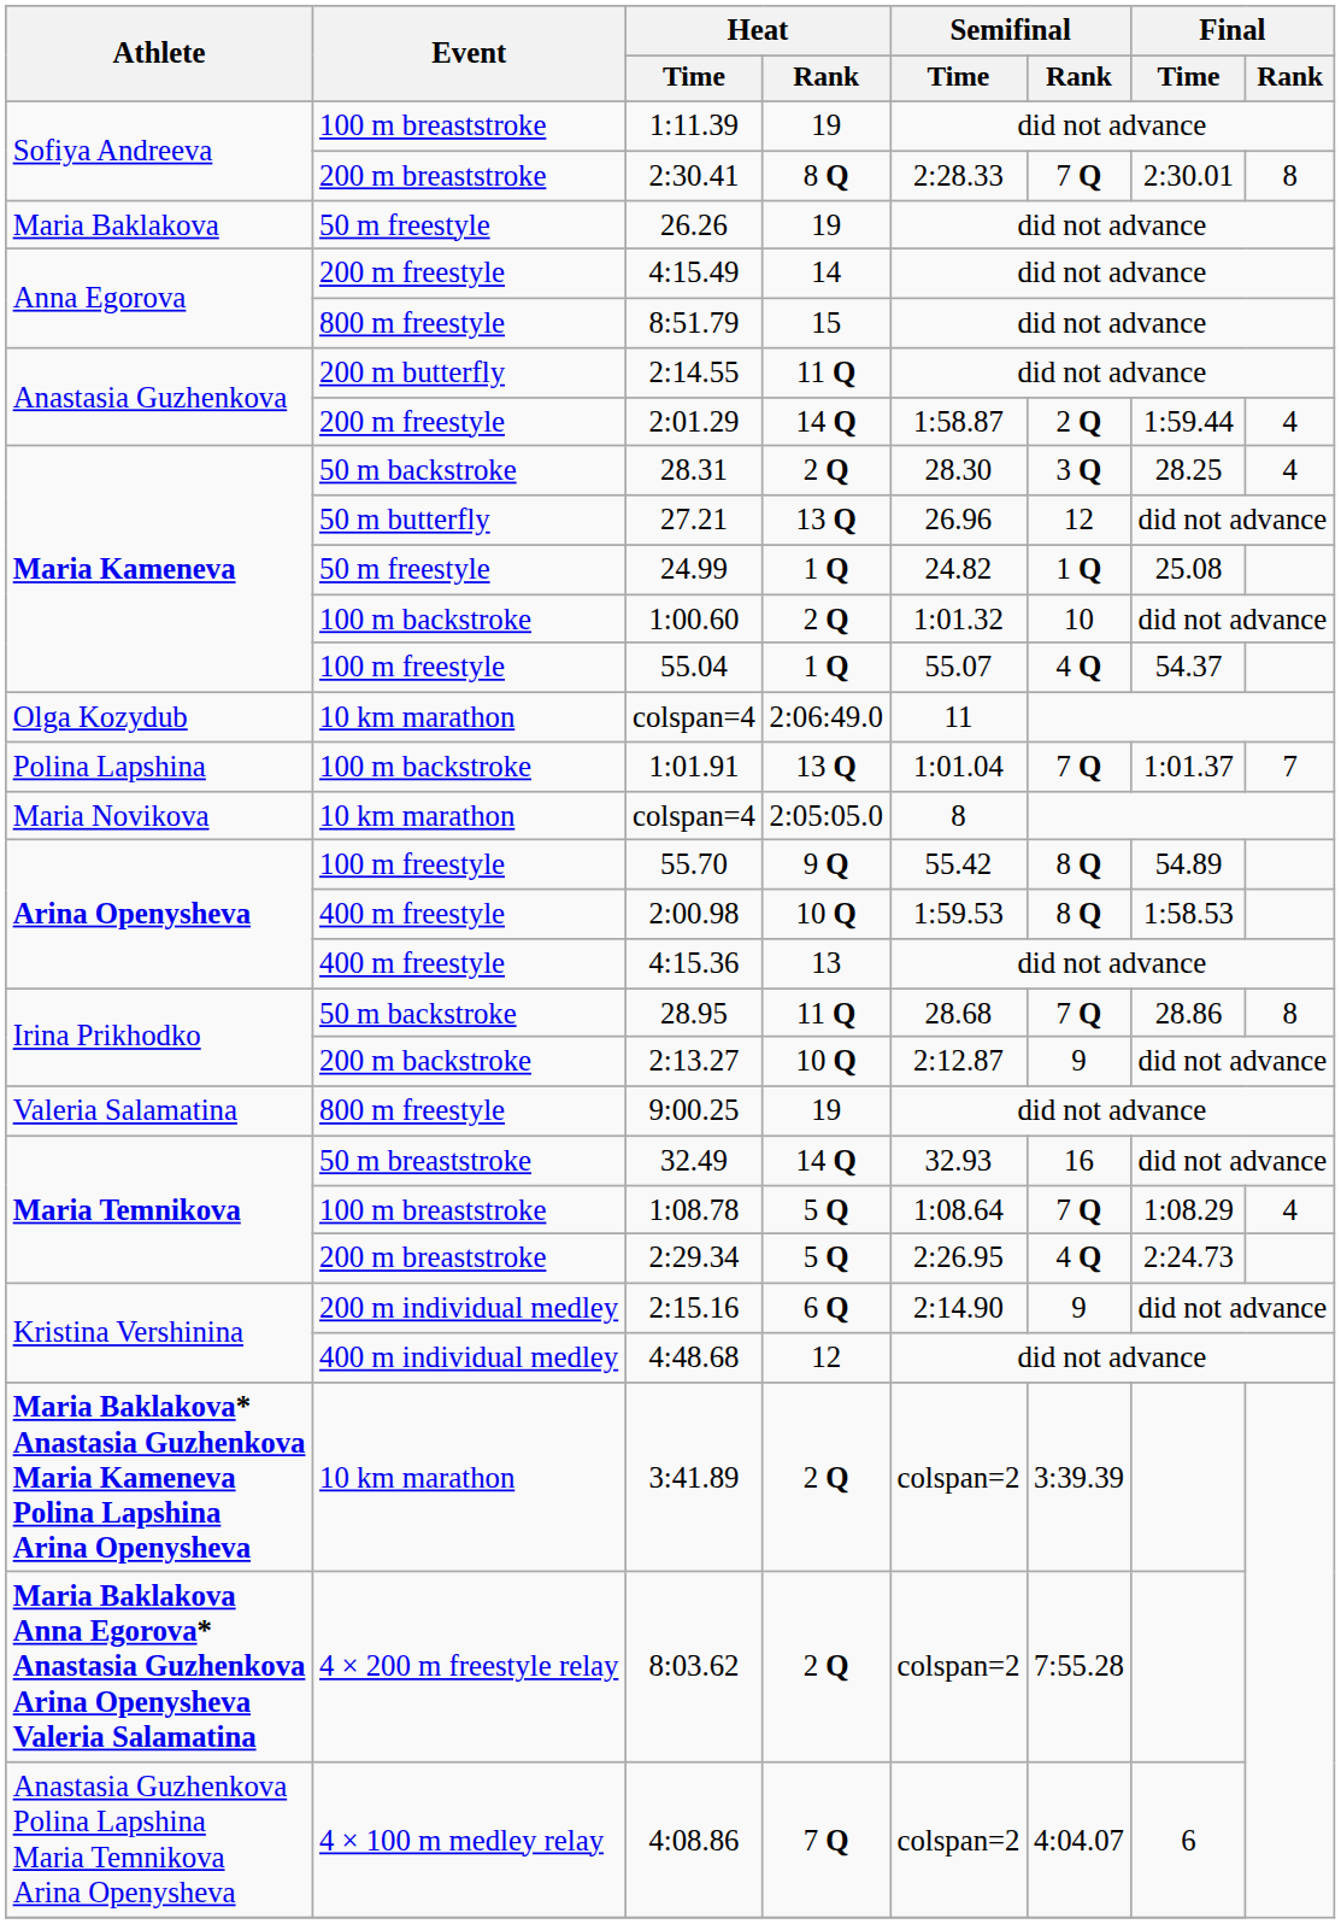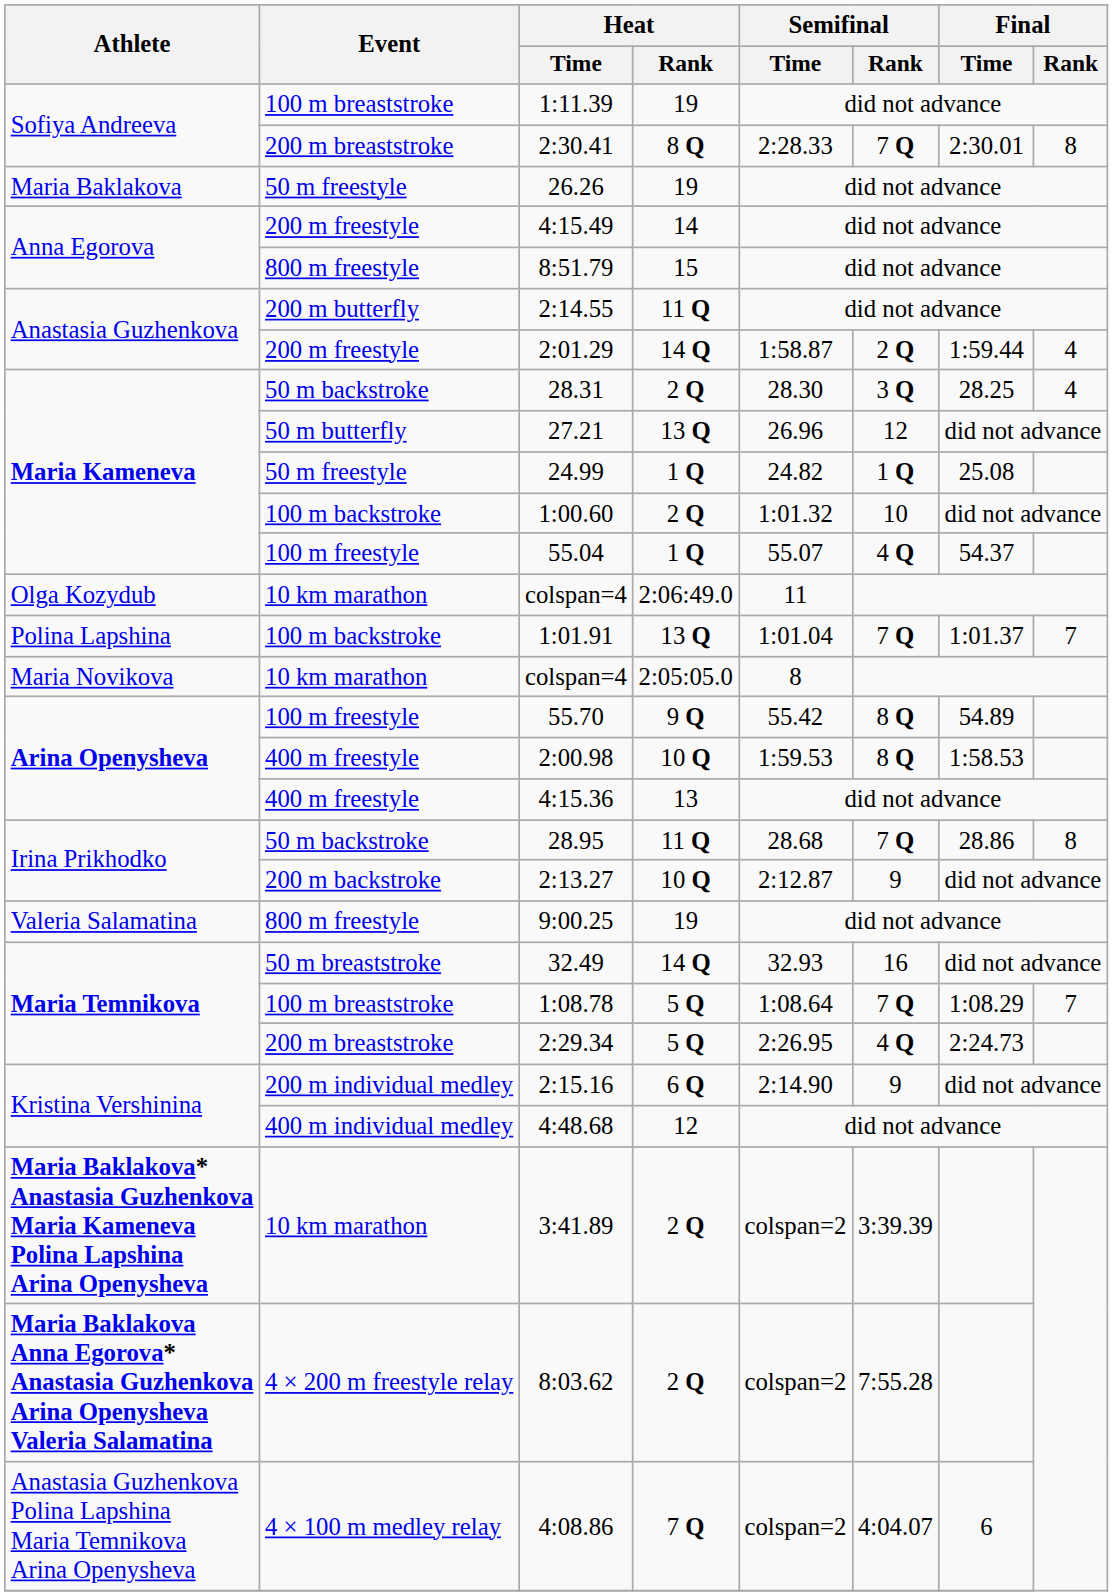 <table class="wikitable" style="text-align:center; font-size:90%">
 <tr>
 <th rowspan=2>Athlete</th>
 <th rowspan=2>Event</th>
 <th colspan=2>Heat</th>
 <th colspan=2>Semifinal</th>
 <th colspan=2>Final</th>
 </tr>
 <tr style="font-size:95%">
 <th>Time</th>
 <th>Rank</th>
 <th>Time</th>
 <th>Rank</th>
 <th>Time</th>
 <th>Rank</th>
 </tr>
 <tr>
 <td align=left rowspan=2><a href='#'>Sofiya Andreeva</a></td>
 <td align=left><a href='#'>100 m breaststroke</a></td>
 <td>1:11.39</td>
 <td>19</td>
 <td colspan=4>did not advance</td>
 </tr>
 <tr>
 <td align=left><a href='#'>200 m breaststroke</a></td>
 <td>2:30.41</td>
 <td>8 <strong>Q</strong></td>
 <td>2:28.33</td>
 <td>7 <strong>Q</strong></td>
 <td>2:30.01</td>
 <td>8</td>
 </tr>
 <tr>
 <td align=left><a href='#'>Maria Baklakova</a></td>
 <td align=left><a href='#'>50 m freestyle</a></td>
 <td>26.26</td>
 <td>19</td>
 <td colspan=4>did not advance</td>
 </tr>
 <tr>
 <td align=left rowspan=2><a href='#'>Anna Egorova</a></td>
 <td align=left><a href='#'>200 m freestyle</a></td>
 <td>4:15.49</td>
 <td>14</td>
 <td colspan=4>did not advance</td>
 </tr>
 <tr>
 <td align=left><a href='#'>800 m freestyle</a></td>
 <td>8:51.79</td>
 <td>15</td>
 <td colspan=4>did not advance</td>
 </tr>
 <tr>
 <td align=left rowspan=2><a href='#'>Anastasia Guzhenkova</a></td>
 <td align=left><a href='#'>200 m butterfly</a></td>
 <td>2:14.55</td>
 <td>11 <strong>Q</strong></td>
 <td colspan=4>did not advance</td>
 </tr>
 <tr>
 <td align=left><a href='#'>200 m freestyle</a></td>
 <td>2:01.29</td>
 <td>14 <strong>Q</strong></td>
 <td>1:58.87</td>
 <td>2 <strong>Q</strong></td>
 <td>1:59.44</td>
 <td>4</td>
 </tr>
 <tr>
 <td align=left rowspan=5><strong><a href='#'>Maria Kameneva</a></strong></td>
 <td align=left><a href='#'>50 m backstroke</a></td>
 <td>28.31</td>
 <td>2 <strong>Q</strong></td>
 <td>28.30</td>
 <td>3 <strong>Q</strong></td>
 <td>28.25</td>
 <td>4</td>
 </tr>
 <tr>
 <td align=left><a href='#'>50 m butterfly</a></td>
 <td>27.21</td>
 <td>13 <strong>Q</strong></td>
 <td>26.96</td>
 <td>12</td>
 <td colspan=2>did not advance</td>
 </tr>
 <tr>
 <td align=left><a href='#'>50 m freestyle</a></td>
 <td>24.99</td>
 <td>1 <strong>Q</strong></td>
 <td>24.82</td>
 <td>1 <strong>Q</strong></td>
 <td>25.08</td>
 <td></td>
 </tr>
 <tr>
 <td align=left><a href='#'>100 m backstroke</a></td>
 <td>1:00.60</td>
 <td>2 <strong>Q</strong></td>
 <td>1:01.32</td>
 <td>10</td>
 <td colspan=2>did not advance</td>
 </tr>
 <tr>
 <td align=left><a href='#'>100 m freestyle</a></td>
 <td>55.04</td>
 <td>1 <strong>Q</strong></td>
 <td>55.07</td>
 <td>4 <strong>Q</strong></td>
 <td>54.37</td>
 <td></td>
 </tr>
 <tr>
 <td align=left><a href='#'>Olga Kozydub</a></td>
 <td align=left><a href='#'>10 km marathon</a></td>
 <td>colspan=4 </td>
 <td>2:06:49.0</td>
 <td>11</td>
 </tr>
 <tr>
 <td align=left><a href='#'>Polina Lapshina</a></td>
 <td align=left><a href='#'>100 m backstroke</a></td>
 <td>1:01.91</td>
 <td>13 <strong>Q</strong></td>
 <td>1:01.04</td>
 <td>7 <strong>Q</strong></td>
 <td>1:01.37</td>
 <td>7</td>
 </tr>
 <tr>
 <td align=left><a href='#'>Maria Novikova</a></td>
 <td align=left><a href='#'>10 km marathon</a></td>
 <td>colspan=4 </td>
 <td>2:05:05.0</td>
 <td>8</td>
 </tr>
 <tr>
 <td align=left rowspan=3><strong><a href='#'>Arina Openysheva</a></strong></td>
 <td align=left><a href='#'>100 m freestyle</a></td>
 <td>55.70</td>
 <td>9 <strong>Q</strong></td>
 <td>55.42</td>
 <td>8 <strong>Q</strong></td>
 <td>54.89</td>
 <td></td>
 </tr>
 <tr>
 <td align=left><a href='#'>400 m freestyle</a></td>
 <td>2:00.98</td>
 <td>10 <strong>Q</strong></td>
 <td>1:59.53</td>
 <td>8 <strong>Q</strong></td>
 <td>1:58.53</td>
 <td></td>
 </tr>
 <tr>
 <td align=left><a href='#'>400 m freestyle</a></td>
 <td>4:15.36</td>
 <td>13</td>
 <td colspan=4>did not advance</td>
 </tr>
 <tr>
 <td align=left rowspan=2><a href='#'>Irina Prikhodko</a></td>
 <td align=left><a href='#'>50 m backstroke</a></td>
 <td>28.95</td>
 <td>11 <strong>Q</strong></td>
 <td>28.68</td>
 <td>7 <strong>Q</strong></td>
 <td>28.86</td>
 <td>8</td>
 </tr>
 <tr>
 <td align=left><a href='#'>200 m backstroke</a></td>
 <td>2:13.27</td>
 <td>10 <strong>Q</strong></td>
 <td>2:12.87</td>
 <td>9</td>
 <td colspan=2>did not advance</td>
 </tr>
 <tr>
 <td align=left><a href='#'>Valeria Salamatina</a></td>
 <td align=left><a href='#'>800 m freestyle</a></td>
 <td>9:00.25</td>
 <td>19</td>
 <td colspan=4>did not advance</td>
 </tr>
 <tr>
 <td align=left rowspan=3><strong><a href='#'>Maria Temnikova</a></strong></td>
 <td align=left><a href='#'>50 m breaststroke</a></td>
 <td>32.49</td>
 <td>14 <strong>Q</strong></td>
 <td>32.93</td>
 <td>16</td>
 <td colspan=2>did not advance</td>
 </tr>
 <tr>
 <td align=left><a href='#'>100 m breaststroke</a></td>
 <td>1:08.78</td>
 <td>5 <strong>Q</strong></td>
 <td>1:08.64</td>
 <td>7 <strong>Q</strong></td>
 <td>1:08.29</td>
-<td>4</td>
+<td>7</td>
 </tr>
 <tr>
 <td align=left><a href='#'>200 m breaststroke</a></td>
 <td>2:29.34</td>
 <td>5 <strong>Q</strong></td>
 <td>2:26.95</td>
 <td>4 <strong>Q</strong></td>
 <td>2:24.73</td>
 <td></td>
 </tr>
 <tr>
 <td align=left rowspan=2><a href='#'>Kristina Vershinina</a></td>
 <td align=left><a href='#'>200 m individual medley</a></td>
 <td>2:15.16</td>
 <td>6 <strong>Q</strong></td>
 <td>2:14.90</td>
 <td>9</td>
 <td colspan=2>did not advance</td>
 </tr>
 <tr>
 <td align=left><a href='#'>400 m individual medley</a></td>
 <td>4:48.68</td>
 <td>12</td>
 <td colspan=4>did not advance</td>
 </tr>
 <tr>
 <td align=left><strong><a href='#'>Maria Baklakova</a>*<br><a href='#'>Anastasia Guzhenkova</a><br><a href='#'>Maria Kameneva</a><br><a href='#'>Polina Lapshina</a><br><a href='#'>Arina Openysheva</a></strong></td>
 <td align=left><a href='#'>10 km marathon</a></td>
 <td>3:41.89</td>
 <td>2 <strong>Q</strong></td>
 <td>colspan=2 </td>
 <td>3:39.39</td>
 <td></td>
 </tr>
 <tr>
 <td align=left><strong><a href='#'>Maria Baklakova</a><br><a href='#'>Anna Egorova</a>*<br><a href='#'>Anastasia Guzhenkova</a><br><a href='#'>Arina Openysheva</a><br><a href='#'>Valeria Salamatina</a></strong></td>
 <td align=left><a href='#'>4 × 200 m freestyle relay</a></td>
 <td>8:03.62</td>
 <td>2 <strong>Q</strong></td>
 <td>colspan=2 </td>
 <td>7:55.28</td>
 <td></td>
 </tr>
 <tr>
 <td align=left><a href='#'>Anastasia Guzhenkova</a><br><a href='#'>Polina Lapshina</a><br><a href='#'>Maria Temnikova</a><br><a href='#'>Arina Openysheva</a></td>
 <td align=left><a href='#'>4 × 100 m medley relay</a></td>
 <td>4:08.86</td>
 <td>7 <strong>Q</strong></td>
 <td>colspan=2 </td>
 <td>4:04.07</td>
 <td>6</td>
 </tr>
 <tr>
 </tr>
 </table>
